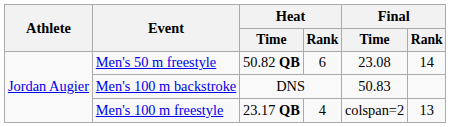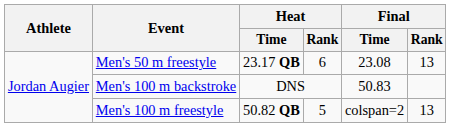 <table class="wikitable" style="font-size:90%">
 <tr>
 <th rowspan="2">Athlete</th>
 <th rowspan="2">Event</th>
 <th colspan="2">Heat</th>
 <th colspan="2">Final</th>
 </tr>
 <tr style="font-size:95%">
 <th>Time</th>
 <th>Rank</th>
 <th>Time</th>
 <th>Rank</th>
 </tr>
 <tr align=center>
 <td align=left rowspan=3><a href='#'>Jordan Augier</a></td>
 <td align=left><a href='#'>Men's 50 m freestyle</a></td>
-<td>50.82 <strong>QB</strong></td>
+<td>23.17 <strong>QB</strong></td>
 <td>6</td>
 <td>23.08</td>
-<td>14</td>
+<td>13</td>
 </tr>
 <tr align=center>
 <td align=left><a href='#'>Men's 100 m backstroke</a></td>
 <td colspan=2>DNS</td>
 <td>50.83</td>
 </tr>
 <tr align=center>
 <td align=left><a href='#'>Men's 100 m freestyle</a></td>
-<td>23.17 <strong>QB</strong></td>
-<td>4</td>
+<td>50.82 <strong>QB</strong></td>
+<td>5</td>
 <td>colspan=2 </td>
 <td>13</td>
 </tr>
 </table>
